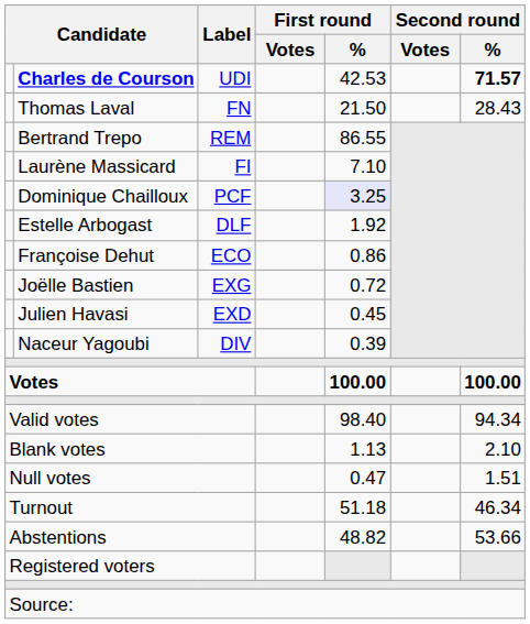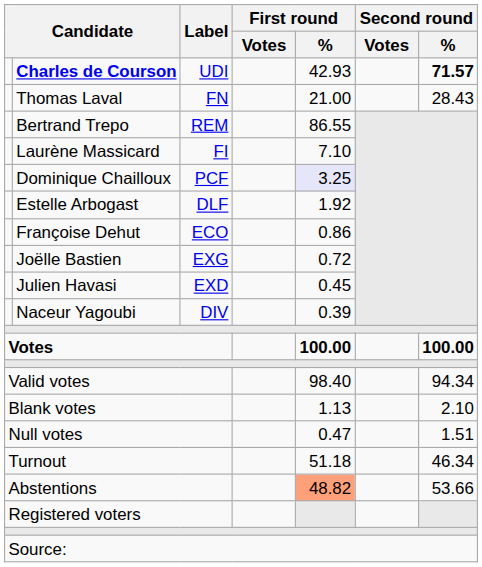 <table class="wikitable" style="text-align:right;font-size:95%;">
 <tr>
 <th rowspan="2" colspan="2">Candidate</th>
 <th rowspan="2">Label</th>
 <th colspan="2">First round</th>
 <th colspan="2">Second round</th>
 </tr>
 <tr>
 <th style="width:50px;">Votes</th>
 <th style="width:45px;">%</th>
 <th style="width:50px;">Votes</th>
 <th style="width:45px;">%</th>
 </tr>
 <tr>
 <td style="color:inherit;background:"></td>
 <td style="text-align:left;"><strong><a href='#'>Charles de Courson</a></strong></td>
 <td><a href='#'>UDI</a></td>
 <td></td>
-<td>42.53</td>
+<td>42.93</td>
 <td><strong></strong></td>
 <td><strong>71.57</strong></td>
 </tr>
 <tr>
 <td style="color:inherit;background:"></td>
 <td style="text-align:left;">Thomas Laval</td>
 <td><a href='#'>FN</a></td>
 <td></td>
-<td>21.50</td>
+<td>21.00</td>
 <td></td>
 <td>28.43</td>
 </tr>
 <tr>
 <td style="color:inherit;background:"></td>
 <td style="text-align:left;">Bertrand Trepo</td>
 <td><a href='#'>REM</a></td>
 <td></td>
 <td>86.55</td>
 <td colspan="2" rowspan="8" style="background:#E9E9E9;"></td>
 </tr>
 <tr>
 <td style="color:inherit;background:"></td>
 <td style="text-align:left;">Laurène Massicard</td>
 <td><a href='#'>FI</a></td>
 <td></td>
 <td>7.10</td>
 </tr>
 <tr>
 <td style="color:inherit;background:"></td>
 <td style="text-align:left;">Dominique Chailloux</td>
 <td><a href='#'>PCF</a></td>
 <td></td>
 <td style="background: lavender;">3.25</td>
 </tr>
 <tr>
 <td style="color:inherit;background:"></td>
 <td style="text-align:left;">Estelle Arbogast</td>
 <td><a href='#'>DLF</a></td>
 <td></td>
 <td>1.92</td>
 </tr>
 <tr>
 <td style="color:inherit;background:"></td>
 <td style="text-align:left;">Françoise Dehut</td>
 <td><a href='#'>ECO</a></td>
 <td></td>
 <td>0.86</td>
 </tr>
 <tr>
 <td style="color:inherit;background:"></td>
 <td style="text-align:left;">Joëlle Bastien</td>
 <td><a href='#'>EXG</a></td>
 <td></td>
 <td>0.72</td>
 </tr>
 <tr>
 <td style="color:inherit;background:"></td>
 <td style="text-align:left;">Julien Havasi</td>
 <td><a href='#'>EXD</a></td>
 <td></td>
 <td>0.45</td>
 </tr>
 <tr>
 <td style="color:inherit;background:"></td>
 <td style="text-align:left;">Naceur Yagoubi</td>
 <td><a href='#'>DIV</a></td>
 <td></td>
 <td>0.39</td>
 </tr>
 <tr>
 <td colspan="7" style="background:#E9E9E9;"></td>
 </tr>
 <tr style="font-weight:bold;">
 <td colspan="3" style="text-align:left;">Votes</td>
 <td></td>
 <td>100.00</td>
 <td></td>
 <td>100.00</td>
 </tr>
 <tr>
 <td colspan="7" style="background:#E9E9E9;"></td>
 </tr>
 <tr>
 <td colspan="3" style="text-align:left;">Valid votes</td>
 <td></td>
 <td>98.40</td>
 <td></td>
 <td>94.34</td>
 </tr>
 <tr>
 <td colspan="3" style="text-align:left;">Blank votes</td>
 <td></td>
 <td>1.13</td>
 <td></td>
 <td>2.10</td>
 </tr>
 <tr>
 <td colspan="3" style="text-align:left;">Null votes</td>
 <td></td>
 <td>0.47</td>
 <td></td>
 <td>1.51</td>
 </tr>
 <tr>
 <td colspan="3" style="text-align:left;">Turnout</td>
 <td></td>
 <td>51.18</td>
 <td></td>
 <td>46.34</td>
 </tr>
 <tr>
 <td colspan="3" style="text-align:left;">Abstentions</td>
 <td></td>
-<td>48.82</td>
+<td style="background: lightsalmon;">48.82</td>
 <td></td>
 <td>53.66</td>
 </tr>
 <tr>
 <td colspan="3" style="text-align:left;">Registered voters</td>
 <td></td>
 <td style="background:#E9E9E9;"></td>
 <td></td>
 <td style="background:#E9E9E9;"></td>
 </tr>
 <tr>
 <td colspan="7" style="background:#E9E9E9;"></td>
 </tr>
 <tr>
 <td colspan="7" style="text-align:left;">Source: </td>
 </tr>
 </table>
